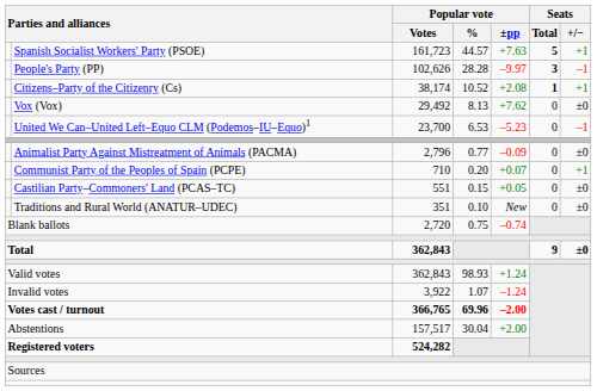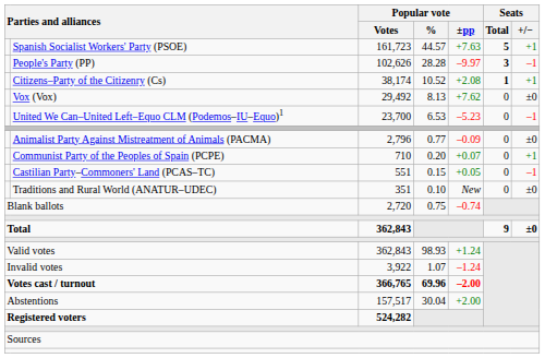 <table class="wikitable" style="text-align:right;">
 <tr>
 <th style="text-align:left;" rowspan="2" colspan="2" width="525">Parties and alliances</th>
 <th colspan="3">Popular vote</th>
 <th colspan="2">Seats</th>
 </tr>
 <tr>
 <th width="75">Votes</th>
 <th width="45">%</th>
 <th width="45">±<a href='#'>pp</a></th>
 <th width="35">Total</th>
 <th width="35">+/−</th>
 </tr>
 <tr>
 <td width="1" style="color:inherit;background:"></td>
 <td align="left"><a href='#'>Spanish Socialist Workers' Party</a> (PSOE)</td>
 <td>161,723</td>
 <td>44.57</td>
 <td style="color:green;">+7.63</td>
 <td><strong>5</strong></td>
 <td style="color:green;">+1</td>
 </tr>
 <tr>
 <td style="color:inherit;background:"></td>
 <td align="left"><a href='#'>People's Party</a> (PP)</td>
 <td>102,626</td>
 <td>28.28</td>
 <td style="color:red;">–9.97</td>
 <td><strong>3</strong></td>
 <td style="color:red;">–1</td>
 </tr>
 <tr>
 <td style="color:inherit;background:"></td>
 <td align="left"><a href='#'>Citizens–Party of the Citizenry</a> (Cs)</td>
 <td>38,174</td>
 <td>10.52</td>
 <td style="color:green;">+2.08</td>
 <td><strong>1</strong></td>
 <td style="color:green;">+1</td>
 </tr>
 <tr>
 <td style="color:inherit;background:"></td>
 <td align="left"><a href='#'>Vox</a> (Vox)</td>
 <td>29,492</td>
 <td>8.13</td>
 <td style="color:green;">+7.62</td>
 <td>0</td>
 <td>±0</td>
 </tr>
 <tr>
 <td style="color:inherit;background:"></td>
 <td align="left"><a href='#'>United We Can–United Left–Equo CLM</a> (<a href='#'>Podemos</a>–<a href='#'>IU</a>–<a href='#'>Equo</a>)<sup>1</sup></td>
 <td>23,700</td>
 <td>6.53</td>
 <td style="color:red;">–5.23</td>
 <td>0</td>
 <td style="color:red;">–1</td>
 </tr>
 <tr>
 <td colspan="7" bgcolor="#C0C0C0"></td>
 </tr>
 <tr>
 <td style="color:inherit;background:"></td>
 <td align="left"><a href='#'>Animalist Party Against Mistreatment of Animals</a> (PACMA)</td>
 <td>2,796</td>
 <td>0.77</td>
 <td style="color:red;">–0.09</td>
 <td>0</td>
 <td>±0</td>
 </tr>
 <tr>
 <td style="color:inherit;background:"></td>
 <td align="left"><a href='#'>Communist Party of the Peoples of Spain</a> (PCPE)</td>
 <td>710</td>
 <td>0.20</td>
 <td style="color:green;">+0.07</td>
 <td>0</td>
 <td style="color:green;">+1</td>
 </tr>
 <tr>
 <td style="color:inherit;background:"></td>
 <td align="left"><a href='#'>Castilian Party</a>–<a href='#'>Commoners' Land</a> (PCAS–TC)</td>
 <td>551</td>
 <td>0.15</td>
 <td style="color:green;">+0.05</td>
 <td>0</td>
-<td>±0</td>
+<td style="color:red;">–1</td>
 </tr>
 <tr>
 <td style="color:inherit;background:"></td>
 <td align="left">Traditions and Rural World (ANATUR–UDEC)</td>
 <td>351</td>
 <td>0.10</td>
 <td><em>New</em></td>
 <td>0</td>
 <td>±0</td>
 </tr>
 <tr>
 <td align="left" colspan="2">Blank ballots</td>
 <td>2,720</td>
 <td>0.75</td>
 <td style="color:red;">–0.74</td>
 <td bgcolor="#E9E9E9" colspan="2"></td>
 </tr>
 <tr>
 <td colspan="7" bgcolor="#E9E9E9"></td>
 </tr>
 <tr style="font-weight:bold;">
 <td align="left" colspan="2">Total</td>
 <td>362,843</td>
 <td bgcolor="#E9E9E9" colspan="2"></td>
 <td>9</td>
 <td>±0</td>
 </tr>
 <tr>
 <td colspan="7" bgcolor="#E9E9E9"></td>
 </tr>
 <tr>
 <td align="left" colspan="2">Valid votes</td>
 <td>362,843</td>
 <td>98.93</td>
 <td style="color:green;">+1.24</td>
 <td bgcolor="#E9E9E9" colspan="2" rowspan="5"></td>
 </tr>
 <tr>
 <td align="left" colspan="2">Invalid votes</td>
 <td>3,922</td>
 <td>1.07</td>
 <td style="color:red;">–1.24</td>
 </tr>
 <tr style="font-weight:bold;">
 <td align="left" colspan="2">Votes cast / turnout</td>
 <td>366,765</td>
 <td>69.96</td>
 <td style="color:red;">–2.00</td>
 </tr>
 <tr>
 <td align="left" colspan="2">Abstentions</td>
 <td>157,517</td>
 <td>30.04</td>
 <td style="color:green;">+2.00</td>
 </tr>
 <tr style="font-weight:bold;">
 <td align="left" colspan="2">Registered voters</td>
 <td>524,282</td>
 <td bgcolor="#E9E9E9" colspan="2"></td>
 </tr>
 <tr>
 <td colspan="7" bgcolor="#E9E9E9"></td>
 </tr>
 <tr>
 <td align="left" colspan="7">Sources</td>
 </tr>
 <tr>
 <td colspan="7" style="text-align:left; max-width:790px;"></td>
 </tr>
 </table>
